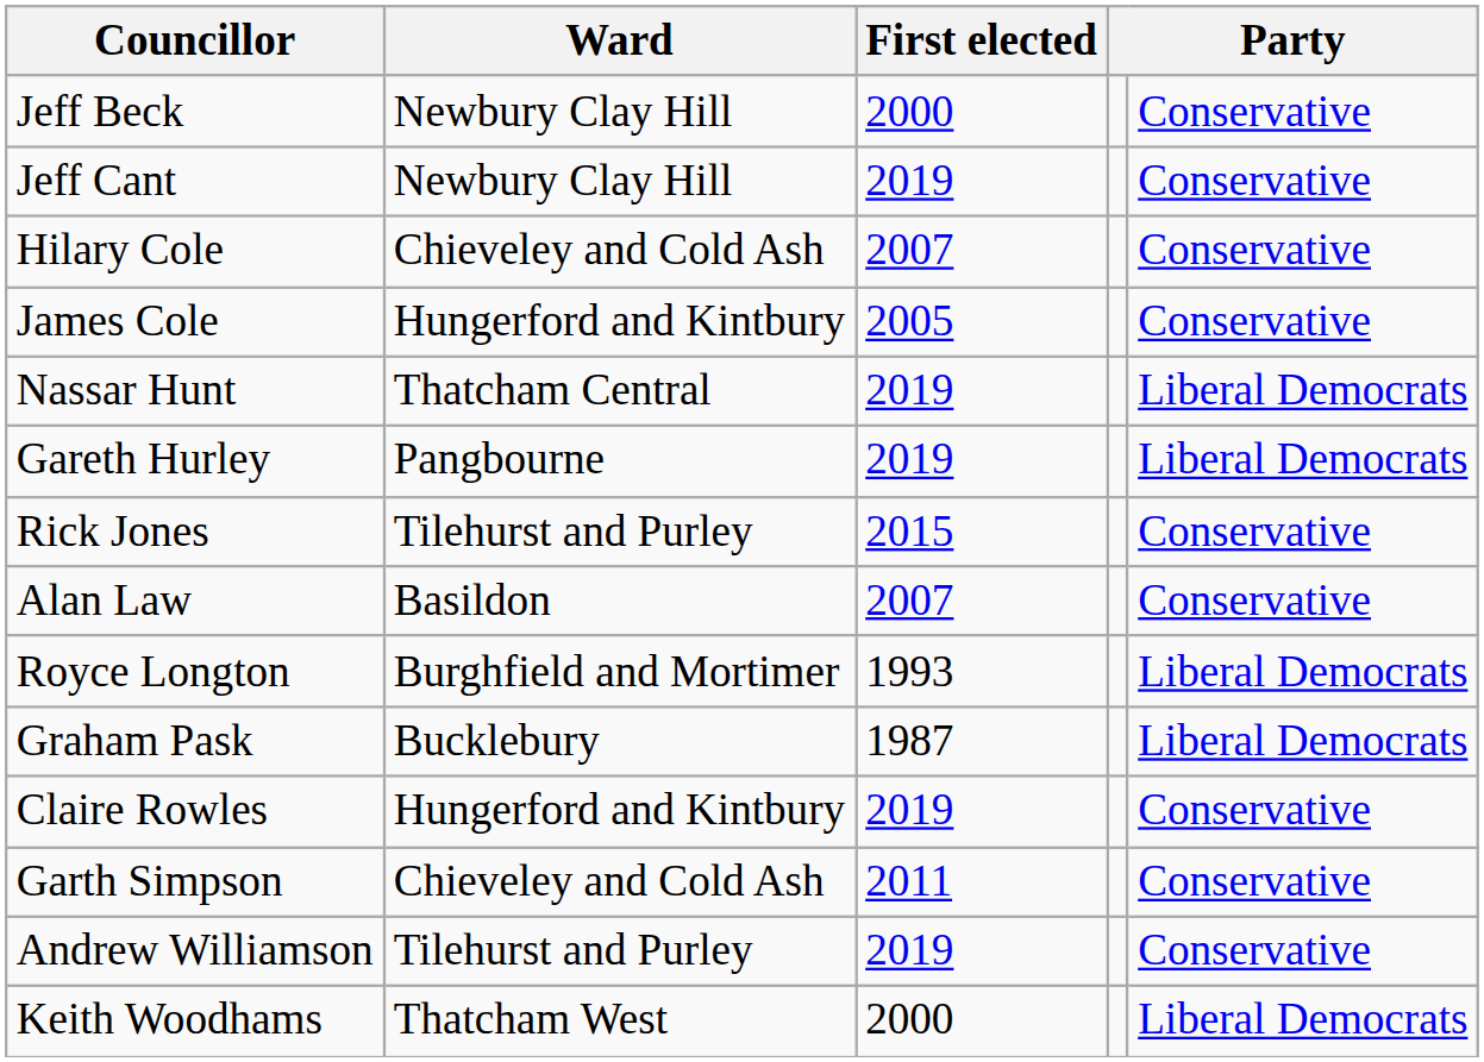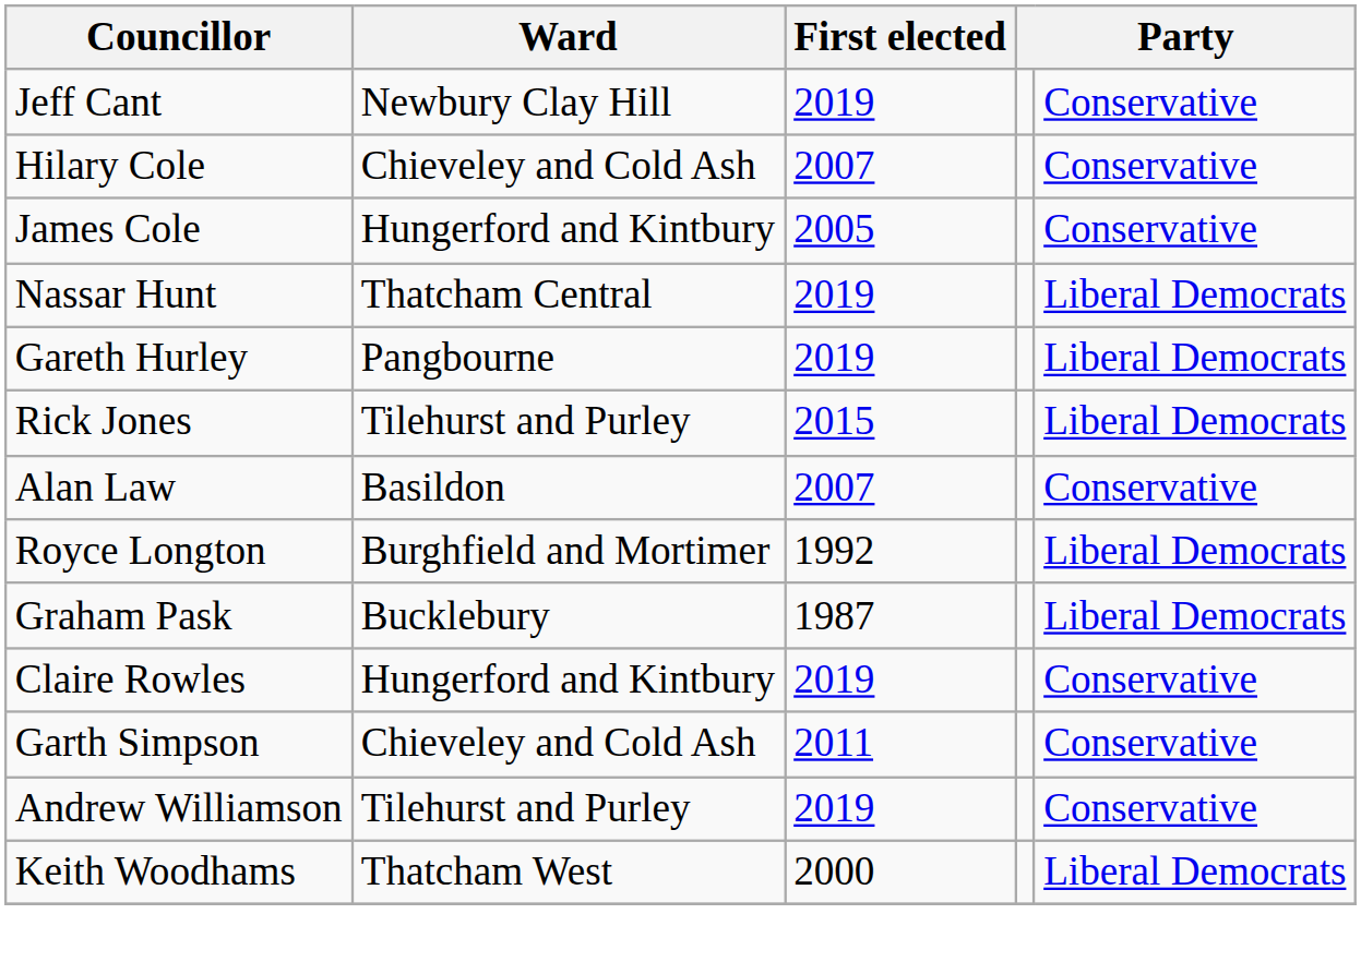 <table class="wikitable sortable">
 <tr>
 <th scope="col">Councillor</th>
 <th scope="col">Ward</th>
 <th scope="col">First elected</th>
 <th colspan="2" scope="col">Party</th>
-</tr>
-<tr>
-<td>Jeff Beck</td>
-<td>Newbury Clay Hill</td>
-<td><a href='#'>2000</a></td>
-<td rowspan="1;" style="background-color: "></td>
-<td><a href='#'>Conservative</a></td>
 </tr>
 <tr>
 <td>Jeff Cant</td>
 <td>Newbury Clay Hill</td>
 <td><a href='#'>2019</a></td>
 <td rowspan="1;" style="background-color: "></td>
 <td><a href='#'>Conservative</a></td>
 </tr>
 <tr>
 <td>Hilary Cole</td>
 <td>Chieveley and Cold Ash</td>
 <td><a href='#'>2007</a></td>
 <td rowspan="1;" style="background-color: "></td>
 <td><a href='#'>Conservative</a></td>
 </tr>
 <tr>
 <td>James Cole</td>
 <td>Hungerford and Kintbury</td>
 <td><a href='#'>2005</a></td>
 <td rowspan="1;" style="background-color: "></td>
 <td><a href='#'>Conservative</a></td>
 </tr>
 <tr>
 <td>Nassar Hunt</td>
 <td>Thatcham Central</td>
 <td><a href='#'>2019</a></td>
 <td rowspan="1;" style="background-color: "></td>
 <td><a href='#'>Liberal Democrats</a></td>
 </tr>
 <tr>
 <td>Gareth Hurley</td>
 <td>Pangbourne</td>
 <td><a href='#'>2019</a></td>
 <td rowspan="1;" style="background-color: "></td>
 <td><a href='#'>Liberal Democrats</a></td>
 </tr>
 <tr>
 <td>Rick Jones</td>
 <td>Tilehurst and Purley</td>
 <td><a href='#'>2015</a></td>
 <td rowspan="1;" style="background-color: "></td>
-<td><a href='#'>Conservative</a></td>
+<td><a href='#'>Liberal Democrats</a></td>
 </tr>
 <tr>
 <td>Alan Law</td>
 <td>Basildon</td>
 <td><a href='#'>2007</a></td>
 <td rowspan="1;" style="background-color: "></td>
 <td><a href='#'>Conservative</a></td>
 </tr>
 <tr>
 <td>Royce Longton</td>
 <td>Burghfield and Mortimer</td>
-<td>1993</td>
+<td>1992</td>
 <td rowspan="1;" style="background-color: "></td>
 <td><a href='#'>Liberal Democrats</a></td>
 </tr>
 <tr>
 <td>Graham Pask</td>
 <td>Bucklebury</td>
 <td>1987</td>
 <td rowspan="1;" style="background-color: "></td>
 <td><a href='#'>Liberal Democrats</a></td>
 </tr>
 <tr>
 <td>Claire Rowles</td>
 <td>Hungerford and Kintbury</td>
 <td><a href='#'>2019</a></td>
 <td rowspan="1;" style="background-color: "></td>
 <td><a href='#'>Conservative</a></td>
 </tr>
 <tr>
 <td>Garth Simpson</td>
 <td>Chieveley and Cold Ash</td>
 <td><a href='#'>2011</a></td>
 <td rowspan="1;" style="background-color: "></td>
 <td><a href='#'>Conservative</a></td>
 </tr>
 <tr>
 <td>Andrew Williamson</td>
 <td>Tilehurst and Purley</td>
 <td><a href='#'>2019</a></td>
 <td rowspan="1;" style="background-color: "></td>
 <td><a href='#'>Conservative</a></td>
 </tr>
 <tr>
 <td>Keith Woodhams</td>
 <td>Thatcham West</td>
 <td>2000</td>
 <td rowspan="1;" style="background-color: "></td>
 <td><a href='#'>Liberal Democrats</a></td>
 </tr>
 <tr>
 </tr>
 </table>
